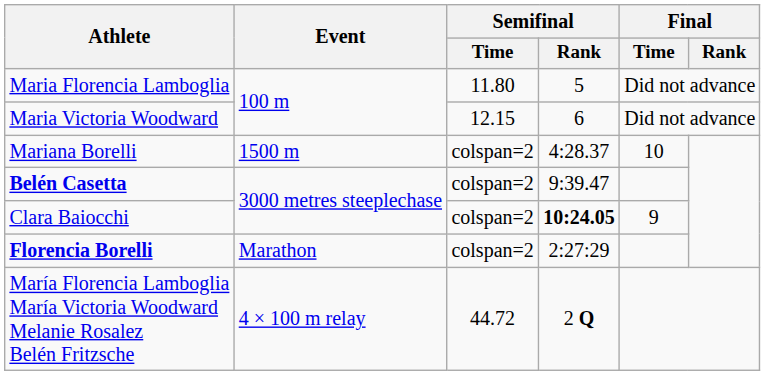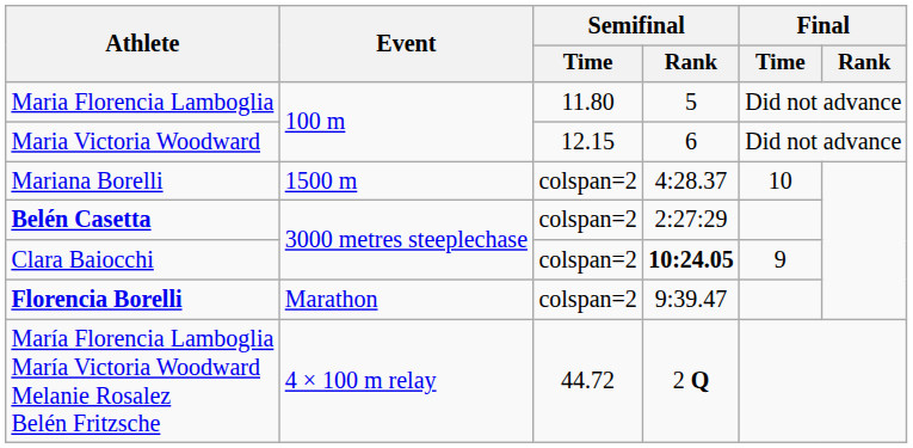 <table class=wikitable style=font-size:90%;text-align:center>
 <tr>
 <th rowspan=2>Athlete</th>
 <th rowspan=2>Event</th>
 <th colspan=2>Semifinal</th>
 <th colspan=2>Final</th>
 </tr>
 <tr style=font-size:95%>
 <th>Time</th>
 <th>Rank</th>
 <th>Time</th>
 <th>Rank</th>
 </tr>
 <tr>
 <td align=left><a href='#'>Maria Florencia Lamboglia</a></td>
 <td align=left rowspan=2><a href='#'>100 m</a></td>
 <td>11.80</td>
 <td>5</td>
 <td colspan=2>Did not advance</td>
 </tr>
 <tr>
 <td align=left><a href='#'>Maria Victoria Woodward</a></td>
 <td>12.15</td>
 <td>6</td>
 <td colspan=2>Did not advance</td>
 </tr>
 <tr>
 <td align=left><a href='#'>Mariana Borelli</a></td>
 <td align=left><a href='#'>1500 m</a></td>
 <td>colspan=2 </td>
 <td>4:28.37</td>
 <td>10</td>
 </tr>
 <tr>
 <td align=left><strong><a href='#'>Belén Casetta</a></strong></td>
 <td align=left rowspan=2><a href='#'>3000 metres steeplechase</a></td>
 <td>colspan=2 </td>
-<td>9:39.47</td>
+<td>2:27:29</td>
 <td></td>
 </tr>
 <tr>
 <td align=left><a href='#'>Clara Baiocchi</a></td>
 <td>colspan=2 </td>
 <td><strong>10:24.05</strong></td>
 <td>9</td>
 </tr>
 <tr>
 <td align=left><strong><a href='#'>Florencia Borelli</a></strong></td>
 <td align=left><a href='#'>Marathon</a></td>
 <td>colspan=2 </td>
-<td>2:27:29</td>
+<td>9:39.47</td>
 <td></td>
 </tr>
 <tr>
 <td align=left><a href='#'>María Florencia Lamboglia</a><br><a href='#'>María Victoria Woodward</a><br><a href='#'>Melanie Rosalez</a><br><a href='#'>Belén Fritzsche</a></td>
 <td align=left><a href='#'>4 × 100 m relay</a></td>
 <td>44.72</td>
 <td>2 <strong>Q</strong></td>
 <td colspan=2><s></s></td>
 </tr>
 </table>
